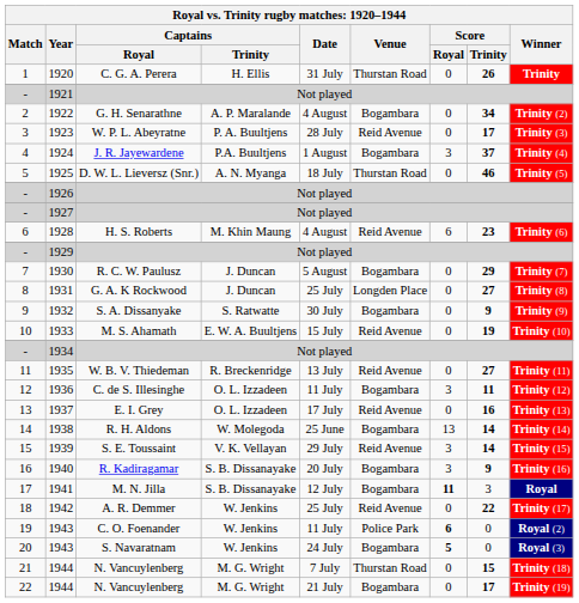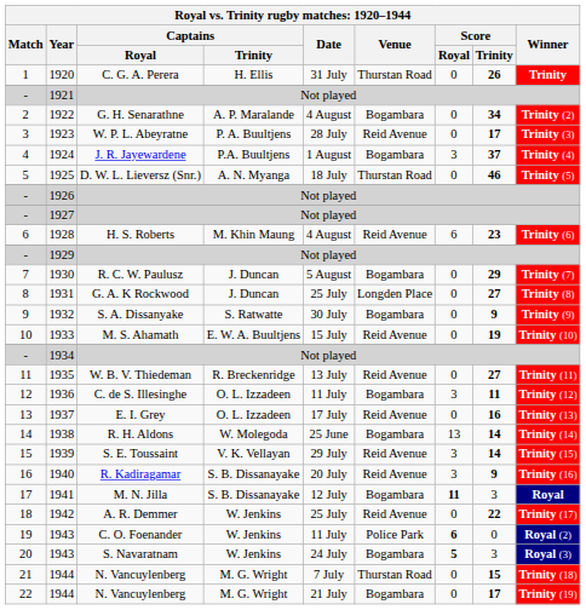 <table class="wikitable sortable sticky-header-multi mw-collapsible" style="font-size:100%; text-align:center">
 <tr>
 <th colspan=9 style="color:; background:;">Royal vs. Trinity rugby matches: 1920–1944</th>
 </tr>
 <tr>
 <th rowspan="2">Match</th>
 <th rowspan="2">Year</th>
 <th colspan="2">Captains</th>
 <th rowspan="2" class="unsortable">Date</th>
 <th rowspan="2">Venue</th>
 <th colspan="2">Score</th>
 <th rowspan="2">Winner</th>
 </tr>
 <tr>
 <th class="unsortable">Royal</th>
 <th class="unsortable">Trinity</th>
 <th>Royal</th>
 <th>Trinity</th>
 </tr>
 <tr>
 <td style="text-align:center">1</td>
 <td style="text-align:center">1920</td>
 <td style="text-align:center">C. G. A. Perera</td>
 <td style="text-align:center">H. Ellis</td>
 <td style="text-align:center">31 July</td>
 <td style="text-align:center">Thurstan Road</td>
 <td style="text-align:center">0</td>
 <td style="text-align:center"><strong>26</strong></td>
 <td style="background:#FF0000; color:#FFFFFF; text-align:center"><strong>Trinity</strong></td>
 </tr>
 <tr>
 </tr>
 <tr style="background:#D3D3D3">
 <td style="text-align:center">-</td>
 <td style="text-align:center">1921</td>
 <td colspan="7" style="text-align:center">Not played</td>
 </tr>
 <tr>
 <td style="text-align:center">2</td>
 <td style="text-align:center">1922</td>
 <td style="text-align:center">G. H. Senarathne</td>
 <td style="text-align:center">A. P. Maralande</td>
 <td style="text-align:center">4 August</td>
 <td style="text-align:center">Bogambara</td>
 <td style="text-align:center">0</td>
 <td style="text-align:center"><strong>34</strong></td>
 <td style="background:#FF0000; color:#FFFFFF; text-align:center"><strong>Trinity</strong> <small>(2)</small></td>
 </tr>
 <tr>
 <td style="text-align:center">3</td>
 <td style="text-align:center">1923</td>
 <td style="text-align:center">W. P. L. Abeyratne</td>
 <td style="text-align:center">P. A. Buultjens</td>
 <td style="text-align:center">28 July</td>
 <td style="text-align:center">Reid Avenue</td>
 <td style="text-align:center">0</td>
 <td style="text-align:center"><strong>17</strong></td>
 <td style="background:#FF0000; color:#FFFFFF; text-align:center"><strong>Trinity</strong> <small>(3)</small></td>
 </tr>
 <tr>
 <td style="text-align:center">4</td>
 <td style="text-align:center">1924</td>
 <td style="text-align:center"><a href='#'>J. R. Jayewardene</a></td>
 <td style="text-align:center">P.A. Buultjens</td>
 <td style="text-align:center">1 August</td>
 <td style="text-align:center">Bogambara</td>
 <td style="text-align:center">3</td>
 <td style="text-align:center"><strong>37</strong></td>
 <td style="background:#FF0000; color:#FFFFFF; text-align:center"><strong>Trinity</strong> <small>(4)</small></td>
 </tr>
 <tr>
 <td style="text-align:center">5</td>
 <td style="text-align:center">1925</td>
 <td style="text-align:center">D. W. L. Lieversz (Snr.)</td>
 <td style="text-align:center">A. N. Myanga</td>
 <td style="text-align:center">18 July</td>
 <td style="text-align:center">Thurstan Road</td>
 <td style="text-align:center">0</td>
 <td style="text-align:center"><strong>46</strong></td>
 <td style="background:#FF0000; color:#FFFFFF; text-align:center"><strong>Trinity</strong> <small>(5)</small></td>
 </tr>
 <tr>
 </tr>
 <tr style="background:#D3D3D3">
 <td style="text-align:center">-</td>
 <td style="text-align:center">1926</td>
 <td colspan="7" style="text-align:center">Not played</td>
 </tr>
 <tr>
 </tr>
 <tr style="background:#D3D3D3">
 <td style="text-align:center">-</td>
 <td style="text-align:center">1927</td>
 <td colspan="7" style="text-align:center">Not played</td>
 </tr>
 <tr>
 <td style="text-align:center">6</td>
 <td style="text-align:center">1928</td>
 <td style="text-align:center">H. S. Roberts</td>
 <td style="text-align:center">M. Khin Maung</td>
 <td style="text-align:center">4 August</td>
 <td style="text-align:center">Reid Avenue</td>
 <td style="text-align:center">6</td>
 <td style="text-align:center"><strong>23</strong></td>
 <td style="background:#FF0000; color:#FFFFFF; text-align:center"><strong>Trinity</strong> <small>(6)</small></td>
 </tr>
 <tr>
 </tr>
 <tr style="background:#D3D3D3">
 <td style="text-align:center">-</td>
 <td style="text-align:center">1929</td>
 <td colspan="7" style="text-align:center">Not played</td>
 </tr>
 <tr>
 <td style="text-align:center">7</td>
 <td style="text-align:center">1930</td>
 <td style="text-align:center">R. C. W. Paulusz</td>
 <td style="text-align:center">J. Duncan</td>
 <td style="text-align:center">5 August</td>
 <td style="text-align:center">Bogambara</td>
 <td style="text-align:center">0</td>
 <td style="text-align:center"><strong>29</strong></td>
 <td style="background:#FF0000; color:#FFFFFF; text-align:center"><strong>Trinity</strong> <small>(7)</small></td>
 </tr>
 <tr>
 <td style="text-align:center">8</td>
 <td style="text-align:center">1931</td>
 <td style="text-align:center">G. A. K Rockwood</td>
 <td style="text-align:center">J. Duncan</td>
 <td style="text-align:center">25 July</td>
 <td style="text-align:center">Longden Place</td>
 <td style="text-align:center">0</td>
 <td style="text-align:center"><strong>27</strong></td>
 <td style="background:#FF0000; color:#FFFFFF; text-align:center"><strong>Trinity</strong> <small>(8)</small></td>
 </tr>
 <tr>
 <td style="text-align:center">9</td>
 <td style="text-align:center">1932</td>
 <td style="text-align:center">S. A. Dissanyake</td>
 <td style="text-align:center">S. Ratwatte</td>
 <td style="text-align:center">30 July</td>
 <td style="text-align:center">Bogambara</td>
 <td style="text-align:center">0</td>
 <td style="text-align:center"><strong>9</strong></td>
 <td style="background:#FF0000; color:#FFFFFF; text-align:center"><strong>Trinity</strong> <small>(9)</small></td>
 </tr>
 <tr>
 <td style="text-align:center">10</td>
 <td style="text-align:center">1933</td>
 <td style="text-align:center">M. S. Ahamath</td>
 <td style="text-align:center">E. W. A. Buultjens</td>
 <td style="text-align:center">15 July</td>
 <td style="text-align:center">Reid Avenue</td>
 <td style="text-align:center">0</td>
 <td style="text-align:center"><strong>19</strong></td>
 <td style="background:#FF0000; color:#FFFFFF; text-align:center"><strong>Trinity</strong> <small>(10)</small></td>
 </tr>
 <tr>
 </tr>
 <tr style="background:#D3D3D3">
 <td style="text-align:center">-</td>
 <td style="text-align:center">1934</td>
 <td colspan="7" style="text-align:center">Not played</td>
 </tr>
 <tr>
 <td style="text-align:center">11</td>
 <td style="text-align:center">1935</td>
 <td style="text-align:center">W. B. V. Thiedeman</td>
 <td style="text-align:center">R. Breckenridge</td>
 <td style="text-align:center">13 July</td>
 <td style="text-align:center">Reid Avenue</td>
 <td style="text-align:center">0</td>
 <td style="text-align:center"><strong>27</strong></td>
 <td style="background:#FF0000; color:#FFFFFF; text-align:center"><strong>Trinity</strong> <small>(11)</small></td>
 </tr>
 <tr>
 <td style="text-align:center">12</td>
 <td style="text-align:center">1936</td>
 <td style="text-align:center">C. de S. Illesinghe</td>
 <td style="text-align:center">O. L. Izzadeen</td>
 <td style="text-align:center">11 July</td>
 <td style="text-align:center">Bogambara</td>
 <td style="text-align:center">3</td>
 <td style="text-align:center"><strong>11</strong></td>
 <td style="background:#FF0000; color:#FFFFFF; text-align:center"><strong>Trinity</strong> <small>(12)</small></td>
 </tr>
 <tr>
 <td style="text-align:center">13</td>
 <td style="text-align:center">1937</td>
 <td style="text-align:center">E. I. Grey</td>
 <td style="text-align:center">O. L. Izzadeen</td>
 <td style="text-align:center">17 July</td>
 <td style="text-align:center">Reid Avenue</td>
 <td style="text-align:center">0</td>
 <td style="text-align:center"><strong>16</strong></td>
 <td style="background:#FF0000; color:#FFFFFF; text-align:center"><strong>Trinity</strong> <small>(13)</small></td>
 </tr>
 <tr>
 <td style="text-align:center">14</td>
 <td style="text-align:center">1938</td>
 <td style="text-align:center">R. H. Aldons</td>
 <td style="text-align:center">W. Molegoda</td>
 <td style="text-align:center">25 June</td>
 <td style="text-align:center">Bogambara</td>
 <td style="text-align:center">13</td>
 <td style="text-align:center"><strong>14</strong></td>
 <td style="background:#FF0000; color:#FFFFFF; text-align:center"><strong>Trinity</strong> <small>(14)</small></td>
 </tr>
 <tr>
 <td style="text-align:center">15</td>
 <td style="text-align:center">1939</td>
 <td style="text-align:center">S. E. Toussaint</td>
 <td style="text-align:center">V. K. Vellayan</td>
 <td style="text-align:center">29 July</td>
 <td style="text-align:center">Reid Avenue</td>
 <td style="text-align:center">3</td>
 <td style="text-align:center"><strong>14</strong></td>
 <td style="background:#FF0000; color:#FFFFFF; text-align:center"><strong>Trinity</strong> <small>(15)</small></td>
 </tr>
 <tr>
 <td style="text-align:center">16</td>
 <td style="text-align:center">1940</td>
 <td style="text-align:center"><a href='#'>R. Kadiragamar</a></td>
 <td style="text-align:center">S. B. Dissanayake</td>
 <td style="text-align:center">20 July</td>
-<td style="text-align:center">Bogambara</td>
+<td style="text-align:center">Reid Avenue</td>
 <td style="text-align:center">3</td>
 <td style="text-align:center"><strong>9</strong></td>
 <td style="background:#FF0000; color:#FFFFFF; text-align:center"><strong>Trinity</strong> <small>(16)</small></td>
 </tr>
 <tr>
 <td style="text-align:center">17</td>
 <td style="text-align:center">1941</td>
 <td style="text-align:center">M. N. Jilla</td>
 <td style="text-align:center">S. B. Dissanayake</td>
 <td style="text-align:center">12 July</td>
 <td style="text-align:center">Bogambara</td>
 <td style="text-align:center"><strong>11</strong></td>
 <td style="text-align:center">3</td>
 <td style="background:#000080; color:#FFFFFF; text-align:center"><strong>Royal</strong></td>
 </tr>
 <tr>
 <td style="text-align:center">18</td>
 <td style="text-align:center">1942</td>
 <td style="text-align:center">A. R. Demmer</td>
 <td style="text-align:center">W. Jenkins</td>
 <td style="text-align:center">25 July</td>
 <td style="text-align:center">Reid Avenue</td>
 <td style="text-align:center">0</td>
 <td style="text-align:center"><strong>22</strong></td>
 <td style="background:#FF0000; color:#FFFFFF; text-align:center"><strong>Trinity</strong> <small>(17)</small></td>
 </tr>
 <tr>
 <td style="text-align:center">19</td>
 <td style="text-align:center">1943</td>
 <td style="text-align:center">C. O. Foenander</td>
 <td style="text-align:center">W. Jenkins</td>
 <td style="text-align:center">11 July</td>
 <td style="text-align:center">Police Park</td>
 <td style="text-align:center"><strong>6</strong></td>
 <td style="text-align:center">0</td>
 <td style="background:#000080; color:#FFFFFF; text-align:center"><strong>Royal</strong> <small>(2)</small></td>
 </tr>
 <tr>
 <td style="text-align:center">20</td>
 <td style="text-align:center">1943</td>
 <td style="text-align:center">S. Navaratnam</td>
 <td style="text-align:center">W. Jenkins</td>
 <td style="text-align:center">24 July</td>
 <td style="text-align:center">Bogambara</td>
 <td style="text-align:center"><strong>5</strong></td>
-<td style="text-align:center">0</td>
+<td style="text-align:center">3</td>
 <td style="background:#000080; color:#FFFFFF; text-align:center"><strong>Royal</strong> <small>(3)</small></td>
 </tr>
 <tr>
 <td style="text-align:center">21</td>
 <td style="text-align:center">1944</td>
 <td style="text-align:center">N. Vancuylenberg</td>
 <td style="text-align:center">M. G. Wright</td>
 <td style="text-align:center">7 July</td>
 <td style="text-align:center">Thurstan Road</td>
 <td style="text-align:center">0</td>
 <td style="text-align:center"><strong>15</strong></td>
 <td style="background:#FF0000; color:#FFFFFF; text-align:center"><strong>Trinity</strong> <small>(18)</small></td>
 </tr>
 <tr>
 <td style="text-align:center">22</td>
 <td style="text-align:center">1944</td>
 <td style="text-align:center">N. Vancuylenberg</td>
 <td style="text-align:center">M. G. Wright</td>
 <td style="text-align:center">21 July</td>
 <td style="text-align:center">Bogambara</td>
 <td style="text-align:center">0</td>
 <td style="text-align:center"><strong>17</strong></td>
 <td style="background:#FF0000; color:#FFFFFF; text-align:center"><strong>Trinity</strong> <small>(19)</small></td>
 </tr>
 </table>
